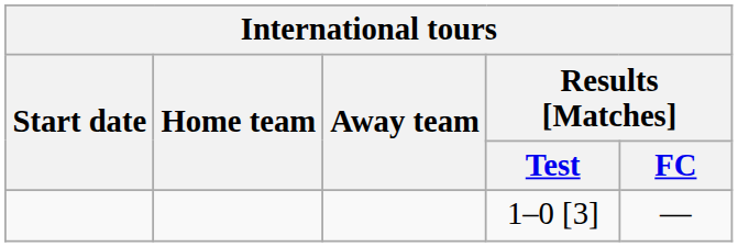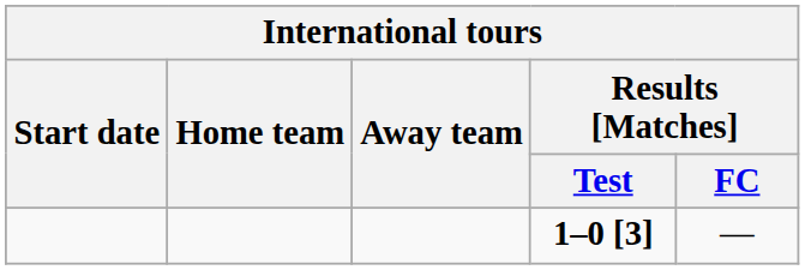 <table class="wikitable" style="text-align:center;">
 <tr>
 <th colspan="7">International tours</th>
 </tr>
 <tr>
 <th rowspan="2">Start date</th>
 <th rowspan="2">Home team</th>
 <th rowspan="2">Away team</th>
 <th colspan="2">Results [Matches]</th>
 </tr>
 <tr>
 <th width=60px><a href='#'>Test</a></th>
 <th width=50px><a href='#'>FC</a></th>
 </tr>
 <tr>
 <td><a href='#'></a></td>
 <td style="text-align:left"></td>
 <td style="text-align:left"></td>
-<td>1–0 [3]</td>
+<td><strong>1–0 [3]</strong></td>
 <td ; style="text-align:center">—</td>
 </tr>
 </table>
